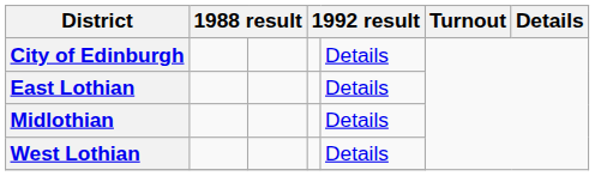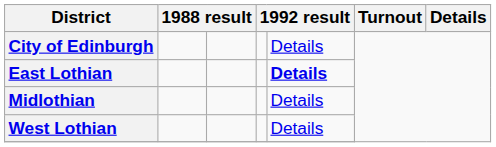 <table class="wikitable">
 <tr>
 <th scope="col">District</th>
 <th scope="col"  colspan="2">1988 result</th>
 <th scope="col" colspan="2">1992 result</th>
 <th scope="col">Turnout</th>
 <th scope="col">Details</th>
 </tr>
 <tr>
 <th scope="row" style="text-align: left;"><a href='#'>City of Edinburgh</a></th>
 <td></td>
 <td></td>
 <td></td>
 <td><a href='#'>Details</a></td>
 </tr>
 <tr>
 <th scope="row" style="text-align: left;"><a href='#'>East Lothian</a></th>
 <td></td>
 <td></td>
 <td></td>
-<td><a href='#'>Details</a></td>
+<td><strong><a href='#'>Details</a></strong></td>
 </tr>
 <tr>
 <th scope="row" style="text-align: left;"><a href='#'>Midlothian</a></th>
 <td></td>
 <td></td>
 <td></td>
 <td><a href='#'>Details</a></td>
 </tr>
 <tr>
 <th scope="row" style="text-align: left;"><a href='#'>West Lothian</a></th>
 <td></td>
 <td></td>
 <td></td>
 <td><a href='#'>Details</a></td>
 </tr>
 <tr>
 </tr>
 </table>
